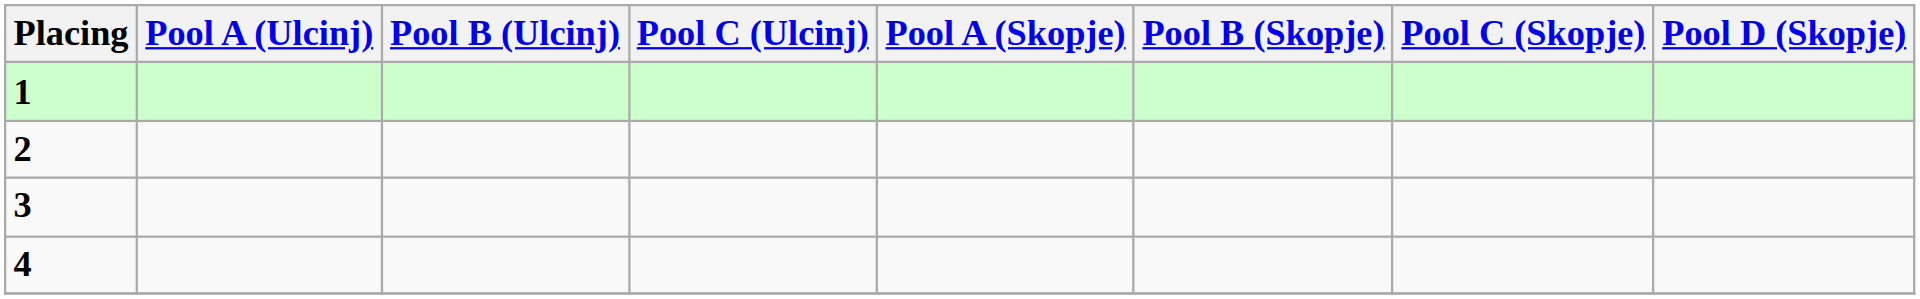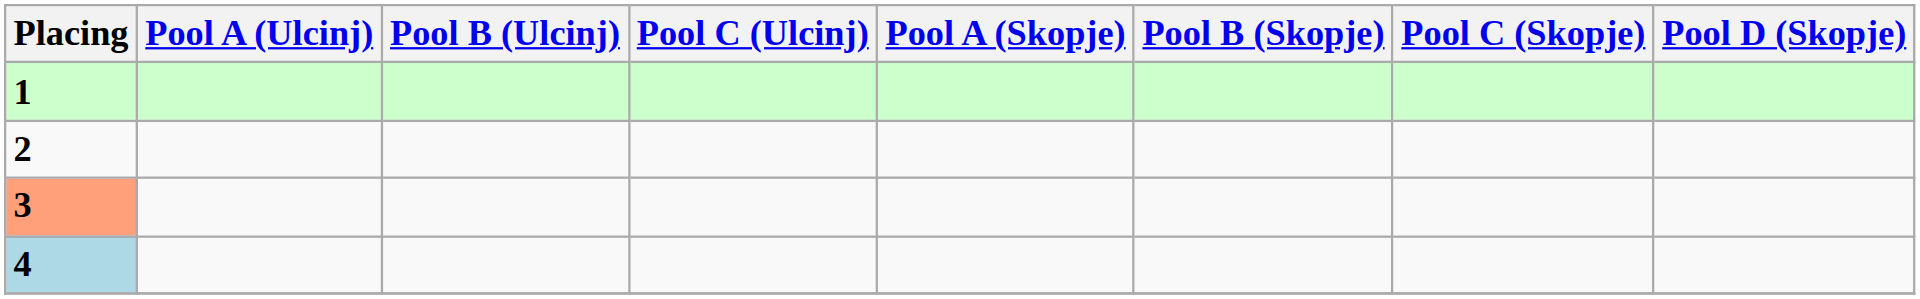 <table class=wikitable style="border:1px solid #AAAAAA;">
 <tr>
 <th>Placing</th>
 <th><a href='#'>Pool A (Ulcinj)</a></th>
 <th><a href='#'>Pool B (Ulcinj)</a></th>
 <th><a href='#'>Pool C (Ulcinj)</a></th>
 <th><a href='#'>Pool A (Skopje)</a></th>
 <th><a href='#'>Pool B (Skopje)</a></th>
 <th><a href='#'>Pool C (Skopje)</a></th>
 <th><a href='#'>Pool D (Skopje)</a></th>
 </tr>
 <tr style="background: #ccffcc;">
 <td><strong>1</strong></td>
 <td></td>
 <td></td>
 <td></td>
 <td></td>
 <td></td>
 <td></td>
 <td></td>
 </tr>
 <tr>
 <td><strong>2</strong></td>
 <td></td>
 <td></td>
 <td></td>
 <td></td>
 <td></td>
 <td></td>
 <td></td>
 </tr>
 <tr>
-<td><strong>3</strong></td>
+<td style="background: lightsalmon;"><strong>3</strong></td>
 <td></td>
 <td></td>
 <td></td>
 <td></td>
 <td></td>
 <td></td>
 <td></td>
 </tr>
 <tr>
-<td><strong>4</strong></td>
+<td style="background: lightblue;"><strong>4</strong></td>
 <td></td>
 <td></td>
 <td></td>
 <td></td>
 <td></td>
 <td></td>
 <td></td>
 </tr>
 <tr>
 </tr>
 </table>
